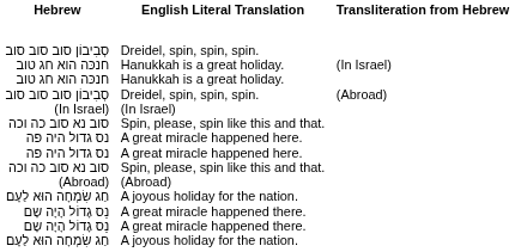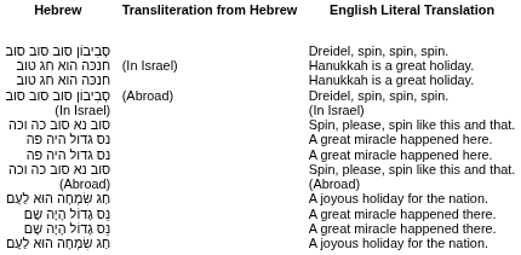 <table cellpadding=6>
 <tr>
 <th>Hebrew</th>
+<th>Transliteration from Hebrew</th>
 <th>English Literal Translation</th>
-<th>Transliteration from Hebrew</th>
 </tr>
 <tr style="vertical-align:top; white-space:nowrap;">
 <td style="text-align:right;"><br>סְבִיבוֹן סוב סוב סוב<br> חנכּה הוא חג טוב<br> חנכּה הוא חג טוב<br> סְבִיבוֹן סוב סוב סוב<br>(In Israel)<br> סוב נא סוב כה וכה<br> נס גדול היה פה<br> נס גדול היה פה<br> סוב נא סוב כה וכה<br>(Abroad)<br> חַג שִׂמְחָה הוּא לַעָם<br> נֵס גָדוֹל הָיָה שָם<br> נֵס גָדוֹל הָיָה שָם<br> חַג שִׂמְחָה הוּא לַעָם<br></td>
+<td><br><br>(In Israel)<br> <br>(Abroad)<br> </td>
 <td><br>Dreidel, spin, spin, spin.<br> Hanukkah is a great holiday.<br> Hanukkah is a great holiday.<br> Dreidel, spin, spin, spin.<br>(In Israel)<br> Spin, please, spin like this and that.<br> A great miracle happened here.<br> A great miracle happened here.<br> Spin, please, spin like this and that.<br>(Abroad)<br> A joyous holiday for the nation.<br> A great miracle happened there.<br> A great miracle happened there.<br> A joyous holiday for the nation.<br></td>
-<td><br><br>(In Israel)<br> <br>(Abroad)<br> </td>
 </tr>
 </table>
